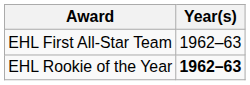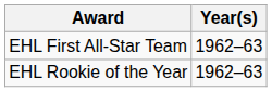 <table class="wikitable">
 <tr>
 <th>Award</th>
 <th>Year(s)</th>
 </tr>
 <tr>
 <td>EHL First All-Star Team</td>
 <td>1962–63</td>
 </tr>
 <tr>
 <td>EHL Rookie of the Year</td>
-<td><strong>1962–63</strong></td>
+<td>1962–63</td>
 </tr>
 </table>
